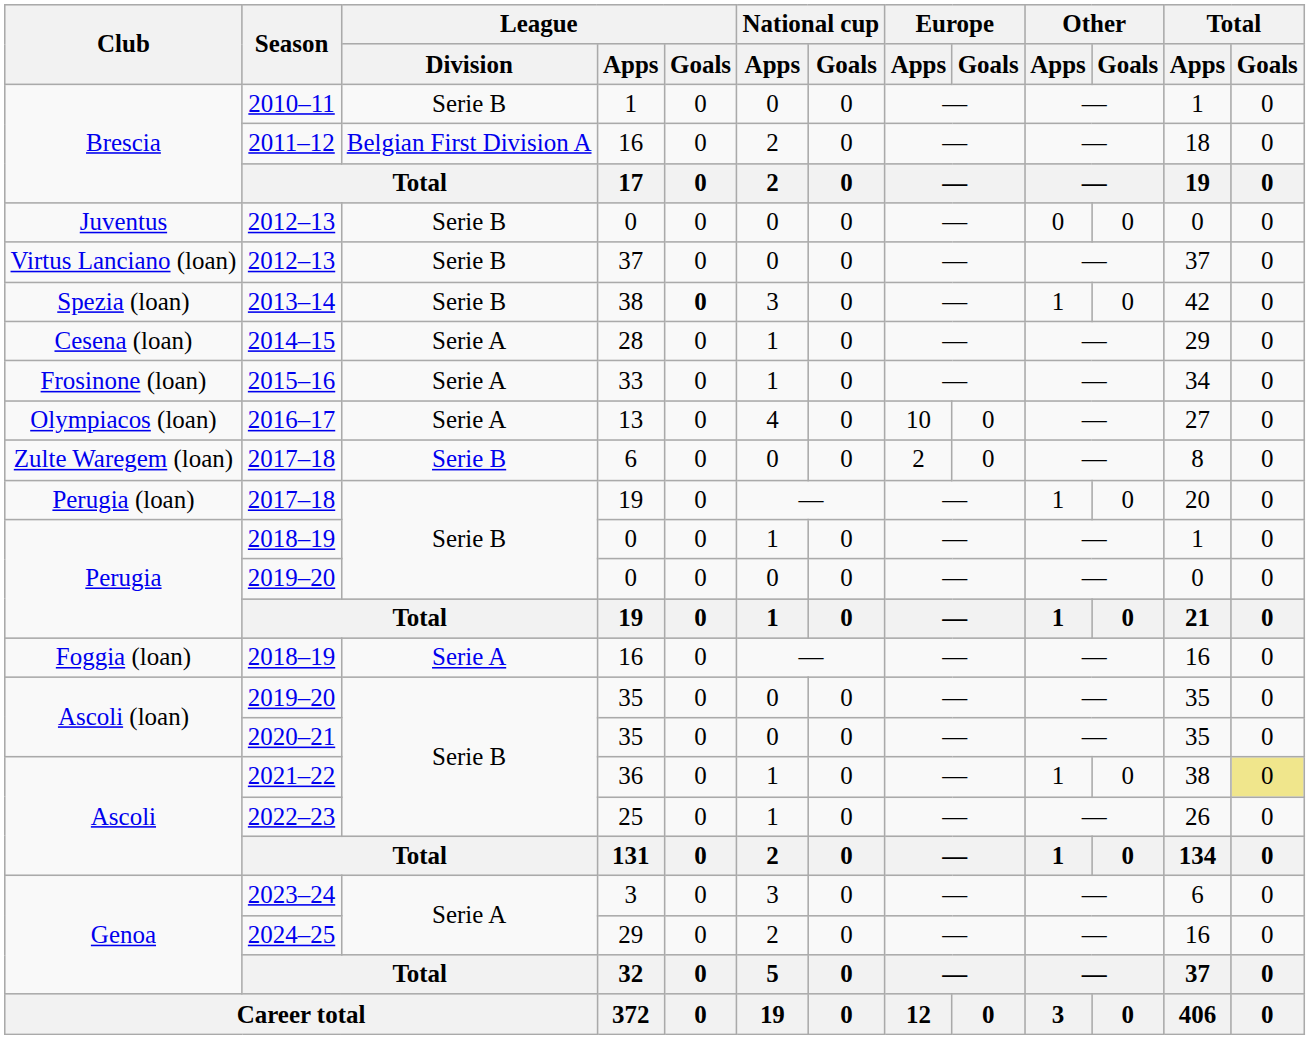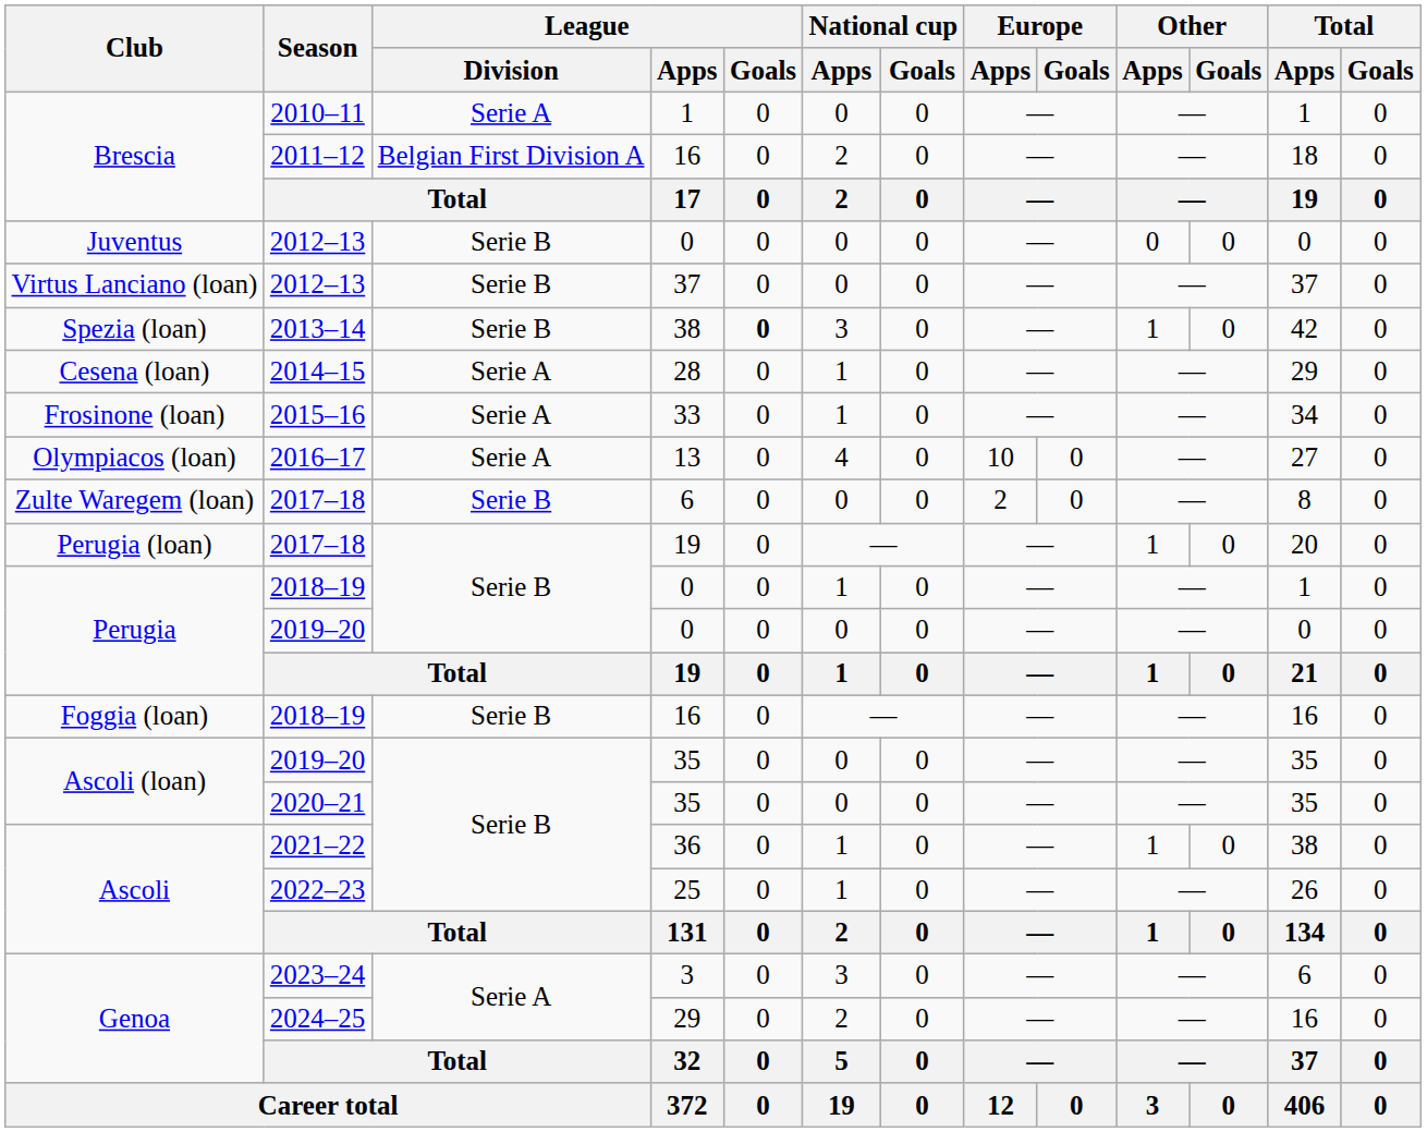 <table class="wikitable" style="text-align: center">
 <tr>
 <th rowspan="2">Club</th>
 <th rowspan="2">Season</th>
 <th colspan="3">League</th>
 <th colspan="2">National cup</th>
 <th colspan="2">Europe</th>
 <th colspan="2">Other</th>
 <th colspan="2">Total</th>
 </tr>
 <tr>
 <th>Division</th>
 <th>Apps</th>
 <th>Goals</th>
 <th>Apps</th>
 <th>Goals</th>
 <th>Apps</th>
 <th>Goals</th>
 <th>Apps</th>
 <th>Goals</th>
 <th>Apps</th>
 <th>Goals</th>
 </tr>
 <tr>
 <td rowspan="3"><a href='#'>Brescia</a></td>
 <td><a href='#'>2010–11</a></td>
-<td>Serie B</td>
+<td><a href='#'>Serie A</a></td>
 <td>1</td>
 <td>0</td>
 <td>0</td>
 <td>0</td>
 <td colspan="2“">—</td>
 <td colspan="2“">—</td>
 <td>1</td>
 <td>0</td>
 </tr>
 <tr>
 <td><a href='#'>2011–12</a></td>
 <td><a href='#'>Belgian First Division A</a></td>
 <td>16</td>
 <td>0</td>
 <td>2</td>
 <td>0</td>
 <td colspan="2“">—</td>
 <td colspan="2“">—</td>
 <td>18</td>
 <td>0</td>
 </tr>
 <tr>
 <th colspan="2">Total</th>
 <th>17</th>
 <th>0</th>
 <th>2</th>
 <th>0</th>
 <th colspan="2“">—</th>
 <th colspan="2“">—</th>
 <th>19</th>
 <th>0</th>
 </tr>
 <tr>
 <td><a href='#'>Juventus</a></td>
 <td><a href='#'>2012–13</a></td>
 <td>Serie B</td>
 <td>0</td>
 <td>0</td>
 <td>0</td>
 <td>0</td>
 <td colspan="2“">—</td>
 <td>0</td>
 <td>0</td>
 <td>0</td>
 <td>0</td>
 </tr>
 <tr>
 <td><a href='#'>Virtus Lanciano</a> (loan)</td>
 <td><a href='#'>2012–13</a></td>
 <td>Serie B</td>
 <td>37</td>
 <td>0</td>
 <td>0</td>
 <td>0</td>
 <td colspan="2“">—</td>
 <td colspan="2“">—</td>
 <td>37</td>
 <td>0</td>
 </tr>
 <tr>
 <td><a href='#'>Spezia</a> (loan)</td>
 <td><a href='#'>2013–14</a></td>
 <td>Serie B</td>
 <td>38</td>
 <td><strong>0</strong></td>
 <td>3</td>
 <td>0</td>
 <td colspan="2“">—</td>
 <td>1</td>
 <td>0</td>
 <td>42</td>
 <td>0</td>
 </tr>
 <tr>
 <td><a href='#'>Cesena</a> (loan)</td>
 <td><a href='#'>2014–15</a></td>
 <td>Serie A</td>
 <td>28</td>
 <td>0</td>
 <td>1</td>
 <td>0</td>
 <td colspan="2“">—</td>
 <td colspan="2“">—</td>
 <td>29</td>
 <td>0</td>
 </tr>
 <tr>
 <td><a href='#'>Frosinone</a> (loan)</td>
 <td><a href='#'>2015–16</a></td>
 <td>Serie A</td>
 <td>33</td>
 <td>0</td>
 <td>1</td>
 <td>0</td>
 <td colspan="2“">—</td>
 <td colspan="2“">—</td>
 <td>34</td>
 <td>0</td>
 </tr>
 <tr>
 <td><a href='#'>Olympiacos</a> (loan)</td>
 <td><a href='#'>2016–17</a></td>
 <td>Serie A</td>
 <td>13</td>
 <td>0</td>
 <td>4</td>
 <td>0</td>
 <td>10</td>
 <td>0</td>
 <td colspan="2“">—</td>
 <td>27</td>
 <td>0</td>
 </tr>
 <tr>
 <td><a href='#'>Zulte Waregem</a> (loan)</td>
 <td><a href='#'>2017–18</a></td>
 <td><a href='#'>Serie B</a></td>
 <td>6</td>
 <td>0</td>
 <td>0</td>
 <td>0</td>
 <td>2</td>
 <td>0</td>
 <td colspan="2“">—</td>
 <td>8</td>
 <td>0</td>
 </tr>
 <tr>
 <td><a href='#'>Perugia</a> (loan)</td>
 <td><a href='#'>2017–18</a></td>
 <td rowspan="3">Serie B</td>
 <td>19</td>
 <td>0</td>
 <td colspan="2“">—</td>
 <td colspan="2“">—</td>
 <td>1</td>
 <td>0</td>
 <td>20</td>
 <td>0</td>
 </tr>
 <tr>
 <td rowspan="3"><a href='#'>Perugia</a></td>
 <td><a href='#'>2018–19</a></td>
 <td>0</td>
 <td>0</td>
 <td>1</td>
 <td>0</td>
 <td colspan="2“">—</td>
 <td colspan="2“">—</td>
 <td>1</td>
 <td>0</td>
 </tr>
 <tr>
 <td><a href='#'>2019–20</a></td>
 <td>0</td>
 <td>0</td>
 <td>0</td>
 <td>0</td>
 <td colspan="2“">—</td>
 <td colspan="2“">—</td>
 <td>0</td>
 <td>0</td>
 </tr>
 <tr>
 <th colspan="2">Total</th>
 <th>19</th>
 <th>0</th>
 <th>1</th>
 <th>0</th>
 <th colspan="2“">—</th>
 <th>1</th>
 <th>0</th>
 <th>21</th>
 <th>0</th>
 </tr>
 <tr>
 <td><a href='#'>Foggia</a> (loan)</td>
 <td><a href='#'>2018–19</a></td>
-<td><a href='#'>Serie A</a></td>
+<td>Serie B</td>
 <td>16</td>
 <td>0</td>
 <td colspan="2“">—</td>
 <td colspan="2“">—</td>
 <td colspan="2“">—</td>
 <td>16</td>
 <td>0</td>
 </tr>
 <tr>
 <td rowspan="2"><a href='#'>Ascoli</a> (loan)</td>
 <td><a href='#'>2019–20</a></td>
 <td rowspan="4">Serie B</td>
 <td>35</td>
 <td>0</td>
 <td>0</td>
 <td>0</td>
 <td colspan="2“">—</td>
 <td colspan="2“">—</td>
 <td>35</td>
 <td>0</td>
 </tr>
 <tr>
 <td><a href='#'>2020–21</a></td>
 <td>35</td>
 <td>0</td>
 <td>0</td>
 <td>0</td>
 <td colspan="2“">—</td>
 <td colspan="2“">—</td>
 <td>35</td>
 <td>0</td>
 </tr>
 <tr>
 <td rowspan="3"><a href='#'>Ascoli</a></td>
 <td><a href='#'>2021–22</a></td>
 <td>36</td>
 <td>0</td>
 <td>1</td>
 <td>0</td>
 <td colspan="2“">—</td>
 <td>1</td>
 <td>0</td>
 <td>38</td>
-<td style="background: khaki;">0</td>
+<td>0</td>
 </tr>
 <tr>
 <td><a href='#'>2022–23</a></td>
 <td>25</td>
 <td>0</td>
 <td>1</td>
 <td>0</td>
 <td colspan="2“">—</td>
 <td colspan="2“">—</td>
 <td>26</td>
 <td>0</td>
 </tr>
 <tr>
 <th colspan="2">Total</th>
 <th>131</th>
 <th>0</th>
 <th>2</th>
 <th>0</th>
 <th colspan="2“">—</th>
 <th>1</th>
 <th>0</th>
 <th>134</th>
 <th>0</th>
 </tr>
 <tr>
 <td rowspan="3"><a href='#'>Genoa</a></td>
 <td><a href='#'>2023–24</a></td>
 <td rowspan="2">Serie A</td>
 <td>3</td>
 <td>0</td>
 <td>3</td>
 <td>0</td>
 <td colspan="2“">—</td>
 <td colspan="2“">—</td>
 <td>6</td>
 <td>0</td>
 </tr>
 <tr>
 <td><a href='#'>2024–25</a></td>
 <td>29</td>
 <td>0</td>
 <td>2</td>
 <td>0</td>
 <td colspan="2“">—</td>
 <td colspan="2“">—</td>
 <td>16</td>
 <td>0</td>
 </tr>
 <tr>
 <th colspan="2">Total</th>
 <th>32</th>
 <th>0</th>
 <th>5</th>
 <th>0</th>
 <th colspan="2“">—</th>
 <th colspan="2“">—</th>
 <th>37</th>
 <th>0</th>
 </tr>
 <tr>
 <th colspan="3">Career total</th>
 <th>372</th>
 <th>0</th>
 <th>19</th>
 <th>0</th>
 <th>12</th>
 <th>0</th>
 <th>3</th>
 <th>0</th>
 <th>406</th>
 <th>0</th>
 </tr>
 </table>
